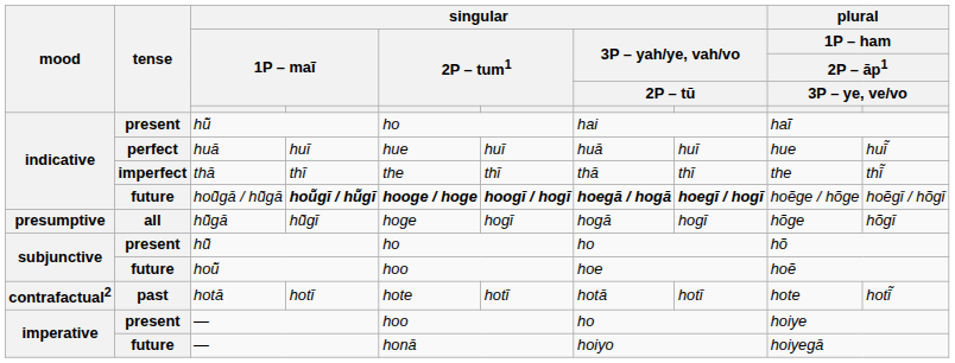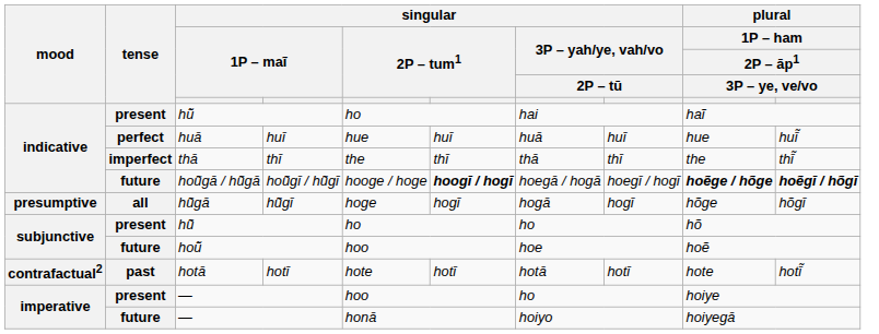 <table class="wikitable">
 <tr>
 <th rowspan="5">mood</th>
 <th rowspan="5">tense</th>
 <th colspan="6">singular</th>
 <th colspan="2">plural</th>
 </tr>
 <tr>
 <th colspan="2" rowspan="3">1P – maĩ</th>
 <th colspan="2" rowspan="3">2P – tum<sup>1</sup></th>
 <th colspan="2" rowspan="2">3P – yah/ye, vah/vo</th>
 <th colspan="2">1P – ham</th>
 </tr>
 <tr>
 <th colspan="2">2P – āp<sup>1</sup></th>
 </tr>
 <tr>
 <th colspan="2">2P – tū</th>
 <th colspan="2">3P – ye, ve/vo</th>
 </tr>
 <tr>
 <th></th>
 <th></th>
 <th></th>
 <th></th>
 <th></th>
 <th></th>
 <th></th>
 <th></th>
 </tr>
 <tr>
 <th rowspan="4">indicative</th>
 <th>present</th>
 <td colspan="2"><em>hū̃</em></td>
 <td colspan="2"><em>ho</em></td>
 <td colspan="2"><em>hai</em></td>
 <td colspan="2"><em>haĩ</em></td>
 </tr>
 <tr>
 <th>perfect</th>
 <td><em>huā</em></td>
 <td><em>huī</em></td>
 <td><em>hue</em></td>
 <td><em>huī</em></td>
 <td><em>huā</em></td>
 <td><em>huī</em></td>
 <td><em>hue</em></td>
 <td><em>huī̃</em></td>
 </tr>
 <tr>
 <th>imperfect</th>
 <td><em>thā</em></td>
 <td><em>thī</em></td>
 <td><em>the</em></td>
 <td><em>thī</em></td>
 <td><em>thā</em></td>
 <td><em>thī</em></td>
 <td><em>the</em></td>
 <td><em>thī̃</em></td>
 </tr>
 <tr>
 <th>future</th>
 <td><em>hoū̃gā / hū̃gā</em></td>
-<td><strong><em>hoū̃gī / hū̃gī</em></strong></td>
-<td><strong><em>hooge / hoge</em></strong></td>
+<td><em>hoū̃gī / hū̃gī</em></td>
+<td><em>hooge / hoge</em></td>
 <td><strong><em>hoogī / hogī</em></strong></td>
-<td><strong><em>hoegā / hogā</em></strong></td>
-<td><strong><em>hoegī / hogī</em></strong></td>
-<td><em>hoẽge / hõge</em></td>
-<td><em>hoẽgī / hõgī</em></td>
+<td><em>hoegā / hogā</em></td>
+<td><em>hoegī / hogī</em></td>
+<td><strong><em>hoẽge / hõge</em></strong></td>
+<td><strong><em>hoẽgī / hõgī</em></strong></td>
 </tr>
 <tr>
 <th>presumptive</th>
 <th>all</th>
 <td><em>hū̃gā</em></td>
 <td><em>hū̃gī</em></td>
 <td><em>hoge</em></td>
 <td><em>hogī</em></td>
 <td><em>hogā</em></td>
 <td><em>hogī</em></td>
 <td><em>hõge</em></td>
 <td><em>hõgī</em></td>
 </tr>
 <tr>
 <th rowspan="2">subjunctive</th>
 <th>present</th>
 <td colspan="2"><em>hū̃</em></td>
 <td colspan="2"><em>ho</em></td>
 <td colspan="2"><em>ho</em></td>
 <td colspan="2"><em>hõ</em></td>
 </tr>
 <tr>
 <th>future</th>
 <td colspan="2"><em>hoū̃</em></td>
 <td colspan="2"><em>hoo</em></td>
 <td colspan="2"><em>hoe</em></td>
 <td colspan="2"><em>hoẽ</em></td>
 </tr>
 <tr>
 <th>contrafactual<sup>2</sup></th>
 <th>past</th>
 <td><em>hotā</em></td>
 <td><em>hotī</em></td>
 <td><em>hote</em></td>
 <td><em>hotī</em></td>
 <td><em>hotā</em></td>
 <td><em>hotī</em></td>
 <td><em>hote</em></td>
 <td><em>hotī̃</em></td>
 </tr>
 <tr>
 <th rowspan="2">imperative</th>
 <th>present</th>
 <td colspan="2"><em>—</em></td>
 <td colspan="2"><em>hoo</em></td>
 <td colspan="2"><em>ho</em></td>
 <td colspan="2"><em>hoiye</em></td>
 </tr>
 <tr>
 <th>future</th>
 <td colspan="2"><em>—</em></td>
 <td colspan="2"><em>honā</em></td>
 <td colspan="2"><em>hoiyo</em></td>
 <td colspan="2"><em>hoiyegā</em></td>
 </tr>
 </table>
